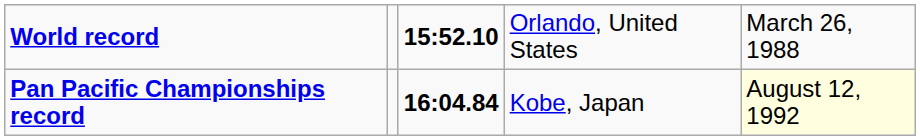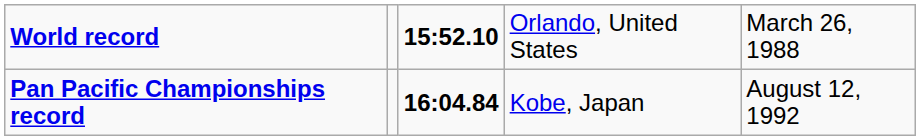 <table class="wikitable">
 <tr>
 <td><strong><a href='#'>World record</a></strong></td>
 <td></td>
 <td><strong>15:52.10</strong></td>
 <td><a href='#'>Orlando</a>, United States</td>
 <td>March 26, 1988</td>
 </tr>
 <tr>
 <td><strong><a href='#'>Pan Pacific Championships record</a></strong></td>
 <td></td>
 <td><strong>16:04.84</strong></td>
 <td><a href='#'>Kobe</a>, Japan</td>
-<td style="background: lightyellow;">August 12, 1992</td>
+<td>August 12, 1992</td>
 </tr>
 </table>
